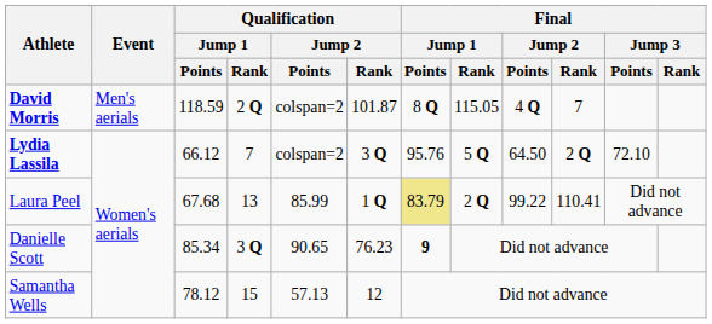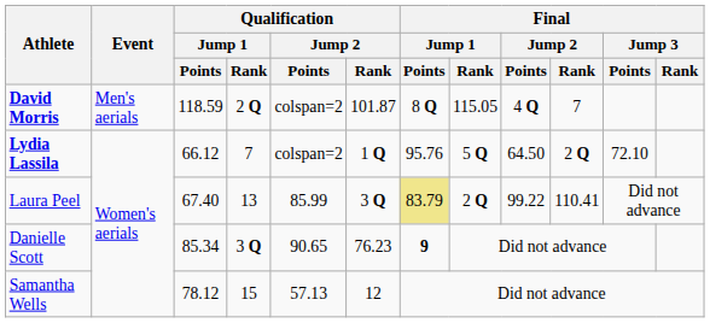 <table class="wikitable" style="font-size:90%">
 <tr>
 <th rowspan="3">Athlete</th>
 <th rowspan="3">Event</th>
 <th colspan=4>Qualification</th>
 <th colspan=6>Final</th>
 </tr>
 <tr style="font-size:95%">
 <th colspan=2>Jump 1</th>
 <th colspan=2>Jump 2</th>
 <th colspan=2>Jump 1</th>
 <th colspan=2>Jump 2</th>
 <th colspan=2>Jump 3</th>
 </tr>
 <tr style="font-size:95%">
 <th>Points</th>
 <th>Rank</th>
 <th>Points</th>
 <th>Rank</th>
 <th>Points</th>
 <th>Rank</th>
 <th>Points</th>
 <th>Rank</th>
 <th>Points</th>
 <th>Rank</th>
 </tr>
 <tr align=center>
 <td align=left><strong><a href='#'>David Morris</a></strong></td>
 <td align=left><a href='#'>Men's aerials</a></td>
 <td>118.59</td>
 <td>2 <strong>Q</strong></td>
 <td>colspan=2 </td>
 <td>101.87</td>
 <td>8 <strong>Q</strong></td>
 <td>115.05</td>
 <td>4 <strong>Q</strong></td>
 <td>7</td>
 <td></td>
 </tr>
 <tr align=center>
 <td align=left><strong><a href='#'>Lydia Lassila</a></strong></td>
 <td align=left rowspan=4><a href='#'>Women's aerials</a></td>
 <td>66.12</td>
 <td>7</td>
 <td>colspan=2 </td>
-<td>3 <strong>Q</strong></td>
+<td>1 <strong>Q</strong></td>
 <td>95.76</td>
 <td>5 <strong>Q</strong></td>
 <td>64.50</td>
 <td>2 <strong>Q</strong></td>
 <td>72.10</td>
 <td></td>
 </tr>
 <tr align=center>
 <td align=left><a href='#'>Laura Peel</a></td>
-<td>67.68</td>
+<td>67.40</td>
 <td>13</td>
 <td>85.99</td>
-<td>1 <strong>Q</strong></td>
+<td>3 <strong>Q</strong></td>
 <td style="background: khaki;">83.79</td>
 <td>2 <strong>Q</strong></td>
 <td>99.22</td>
 <td>110.41</td>
 <td colspan=2>Did not advance</td>
 </tr>
 <tr align=center>
 <td align=left><a href='#'>Danielle Scott</a></td>
 <td>85.34</td>
 <td>3 <strong>Q</strong></td>
 <td>90.65</td>
 <td>76.23</td>
 <td><strong>9</strong></td>
 <td colspan=4>Did not advance</td>
 </tr>
 <tr align=center>
 <td align=left><a href='#'>Samantha Wells</a></td>
 <td>78.12</td>
 <td>15</td>
 <td>57.13</td>
 <td>12</td>
 <td colspan=6>Did not advance</td>
 </tr>
 </table>
